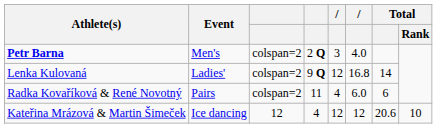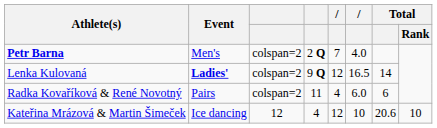 <table class="wikitable" style="font-size:90%">
 <tr>
 <th rowspan="2">Athlete(s)</th>
 <th rowspan="2">Event</th>
 <th></th>
 <th></th>
 <th>/</th>
 <th>/</th>
 <th colspan="2">Total</th>
 </tr>
 <tr>
 <th></th>
 <th></th>
 <th></th>
 <th></th>
 <th></th>
 <th>Rank</th>
 </tr>
 <tr align="center">
 <td align="left"><strong><a href='#'>Petr Barna</a></strong></td>
 <td align="left"><a href='#'>Men's</a></td>
 <td>colspan=2 </td>
 <td>2 <strong>Q</strong></td>
-<td>3</td>
+<td>7</td>
 <td>4.0</td>
 <td></td>
 </tr>
 <tr align="center">
 <td align="left"><a href='#'>Lenka Kulovaná</a></td>
-<td align="left"><a href='#'>Ladies'</a></td>
+<td align="left"><strong><a href='#'>Ladies'</a></strong></td>
 <td>colspan=2 </td>
 <td>9 <strong>Q</strong></td>
 <td>12</td>
-<td>16.8</td>
+<td>16.5</td>
 <td>14</td>
 </tr>
 <tr align="center">
 <td align="left"><a href='#'>Radka Kovaříková</a> & <a href='#'>René Novotný</a></td>
 <td align="left"><a href='#'>Pairs</a></td>
 <td>colspan=2 </td>
 <td>11</td>
 <td>4</td>
 <td>6.0</td>
 <td>6</td>
 </tr>
 <tr align="center">
 <td align="left"><a href='#'>Kateřina Mrázová</a> & <a href='#'>Martin Šimeček</a></td>
 <td align="left"><a href='#'>Ice dancing</a></td>
 <td>12</td>
 <td>4</td>
 <td>12</td>
-<td>12</td>
+<td>10</td>
 <td>20.6</td>
 <td>10</td>
 </tr>
 </table>
